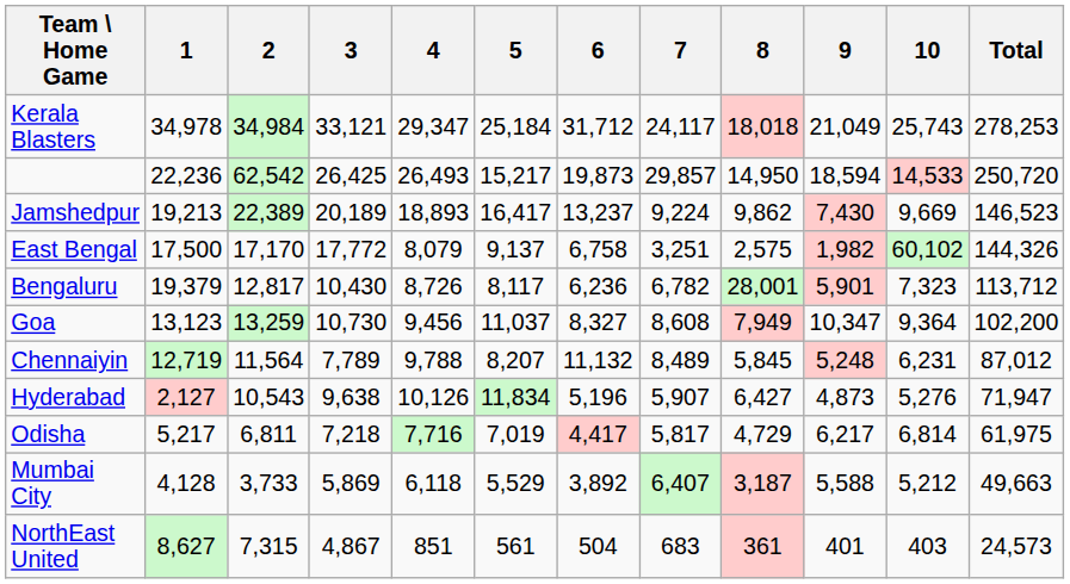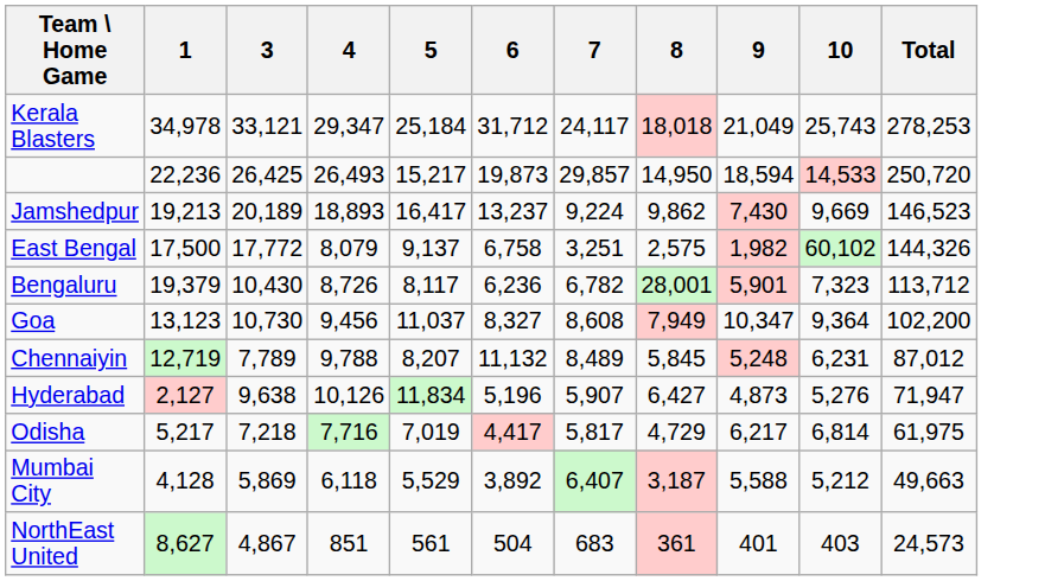 <table class="wikitable sortable" style="font-size: 90%; text-align:center;">
 <tr>
 <th style="width:76px;">Team \ Home Game</th>
 <th align=center>1</th>
-<th align=center>2</th>
 <th align=center>3</th>
 <th align=center>4</th>
 <th align=center>5</th>
 <th align=center>6</th>
 <th align=center>7</th>
 <th align=center>8</th>
 <th align=center>9</th>
 <th align=center>10</th>
 <th align=center>Total</th>
 </tr>
 <tr>
 <td align="left"><a href='#'>Kerala Blasters</a></td>
 <td>34,978</td>
-<td style="background:#CCF9CC">34,984</td>
 <td>33,121</td>
 <td>29,347</td>
 <td>25,184</td>
 <td>31,712</td>
 <td>24,117</td>
 <td style="background:#FFCCCC">18,018</td>
 <td>21,049</td>
 <td>25,743</td>
 <td>278,253</td>
 </tr>
 <tr>
 <td align="left"></td>
 <td>22,236</td>
-<td style="background:#CCF9CC">62,542</td>
 <td>26,425</td>
 <td>26,493</td>
 <td>15,217</td>
 <td>19,873</td>
 <td>29,857</td>
 <td>14,950</td>
 <td>18,594</td>
 <td style="background:#FFCCCC">14,533</td>
 <td>250,720</td>
 </tr>
 <tr>
 <td align="left"><a href='#'>Jamshedpur</a></td>
 <td>19,213</td>
-<td style="background:#CCF9CC">22,389</td>
 <td>20,189</td>
 <td>18,893</td>
 <td>16,417</td>
 <td>13,237</td>
 <td>9,224</td>
 <td>9,862</td>
 <td style="background:#FFCCCC">7,430</td>
 <td>9,669</td>
 <td>146,523</td>
 </tr>
 <tr>
 <td align="left"><a href='#'>East Bengal</a></td>
 <td>17,500</td>
-<td>17,170</td>
 <td>17,772</td>
 <td>8,079</td>
 <td>9,137</td>
 <td>6,758</td>
 <td>3,251</td>
 <td>2,575</td>
 <td style="background:#FFCCCC">1,982</td>
 <td style="background:#CCF9CC">60,102</td>
 <td>144,326</td>
 </tr>
 <tr>
 <td align="left"><a href='#'>Bengaluru</a></td>
 <td>19,379</td>
-<td>12,817</td>
 <td>10,430</td>
 <td>8,726</td>
 <td>8,117</td>
 <td>6,236</td>
 <td>6,782</td>
 <td style="background:#CCF9CC">28,001</td>
 <td style="background:#FFCCCC">5,901</td>
 <td>7,323</td>
 <td>113,712</td>
 </tr>
 <tr>
 <td align="left"><a href='#'>Goa</a></td>
 <td>13,123</td>
-<td style="background:#CCF9CC">13,259</td>
 <td>10,730</td>
 <td>9,456</td>
 <td>11,037</td>
 <td>8,327</td>
 <td>8,608</td>
 <td style="background:#FFCCCC">7,949</td>
 <td>10,347</td>
 <td>9,364</td>
 <td>102,200</td>
 </tr>
 <tr>
 <td align="left"><a href='#'>Chennaiyin</a></td>
 <td style="background:#CCF9CC">12,719</td>
-<td>11,564</td>
 <td>7,789</td>
 <td>9,788</td>
 <td>8,207</td>
 <td>11,132</td>
 <td>8,489</td>
 <td>5,845</td>
 <td style="background:#FFCCCC">5,248</td>
 <td>6,231</td>
 <td>87,012</td>
 </tr>
 <tr>
 <td align="left"><a href='#'>Hyderabad</a></td>
 <td style="background:#FFCCCC">2,127</td>
-<td>10,543</td>
 <td>9,638</td>
 <td>10,126</td>
 <td style="background:#CCF9CC">11,834</td>
 <td>5,196</td>
 <td>5,907</td>
 <td>6,427</td>
 <td>4,873</td>
 <td>5,276</td>
 <td>71,947</td>
 </tr>
 <tr>
 <td align="left"><a href='#'>Odisha</a></td>
 <td>5,217</td>
-<td>6,811</td>
 <td>7,218</td>
 <td style="background:#CCF9CC">7,716</td>
 <td>7,019</td>
 <td style="background:#FFCCCC">4,417</td>
 <td>5,817</td>
 <td>4,729</td>
 <td>6,217</td>
 <td>6,814</td>
 <td>61,975</td>
 </tr>
 <tr>
 <td align="left"><a href='#'>Mumbai City</a></td>
 <td>4,128</td>
-<td>3,733</td>
 <td>5,869</td>
 <td>6,118</td>
 <td>5,529</td>
 <td>3,892</td>
 <td style="background:#CCF9CC">6,407</td>
 <td style="background:#FFCCCC">3,187</td>
 <td>5,588</td>
 <td>5,212</td>
 <td>49,663</td>
 </tr>
 <tr>
 <td align="left"><a href='#'>NorthEast United</a></td>
 <td style="background:#CCF9CC">8,627</td>
-<td>7,315</td>
 <td>4,867</td>
 <td>851</td>
 <td>561</td>
 <td>504</td>
 <td>683</td>
 <td style="background:#FFCCCC">361</td>
 <td>401</td>
 <td>403</td>
 <td>24,573</td>
 </tr>
 </table>
